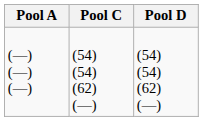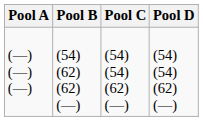 <table class="wikitable">
 <tr>
 <th width=25%>Pool A</th>
+<th width=25%>Pool B</th>
 <th width=25%>Pool C</th>
 <th width=25%>Pool D</th>
 </tr>
 <tr>
 <td valign=top><br> (—)<br>  (—)<br>  (—)</td>
+<td><br> (54)<br>  (62)<br>  (62)<br>  (—)</td>
 <td><br> (54)<br>  (54)<br>  (62)<br>  (—)</td>
 <td><br> (54)<br>  (54)<br>  (62)<br>  (—)</td>
 </tr>
 </table>
